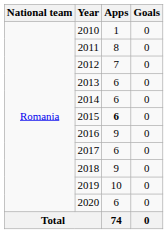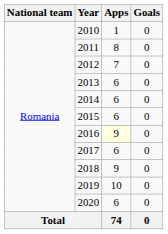 <table class=wikitable style="text-align: center">
 <tr>
 <th>National team</th>
 <th>Year</th>
 <th>Apps</th>
 <th>Goals</th>
 </tr>
 <tr>
 <td rowspan="11"><a href='#'>Romania</a></td>
 <td>2010</td>
 <td>1</td>
 <td>0</td>
 </tr>
 <tr>
 <td>2011</td>
 <td>8</td>
 <td>0</td>
 </tr>
 <tr>
 <td>2012</td>
 <td>7</td>
 <td>0</td>
 </tr>
 <tr>
 <td>2013</td>
 <td>6</td>
 <td>0</td>
 </tr>
 <tr>
 <td>2014</td>
 <td>6</td>
 <td>0</td>
 </tr>
 <tr>
 <td>2015</td>
-<td><strong>6</strong></td>
+<td>6</td>
 <td>0</td>
 </tr>
 <tr>
 <td>2016</td>
-<td>9</td>
+<td style="background: lightyellow;">9</td>
 <td>0</td>
 </tr>
 <tr>
 <td>2017</td>
 <td>6</td>
 <td>0</td>
 </tr>
 <tr>
 <td>2018</td>
 <td>9</td>
 <td>0</td>
 </tr>
 <tr>
 <td>2019</td>
 <td>10</td>
 <td>0</td>
 </tr>
 <tr>
 <td>2020</td>
 <td>6</td>
 <td>0</td>
 </tr>
 <tr>
 <th colspan="2">Total</th>
 <th>74</th>
 <th>0</th>
 </tr>
 </table>
